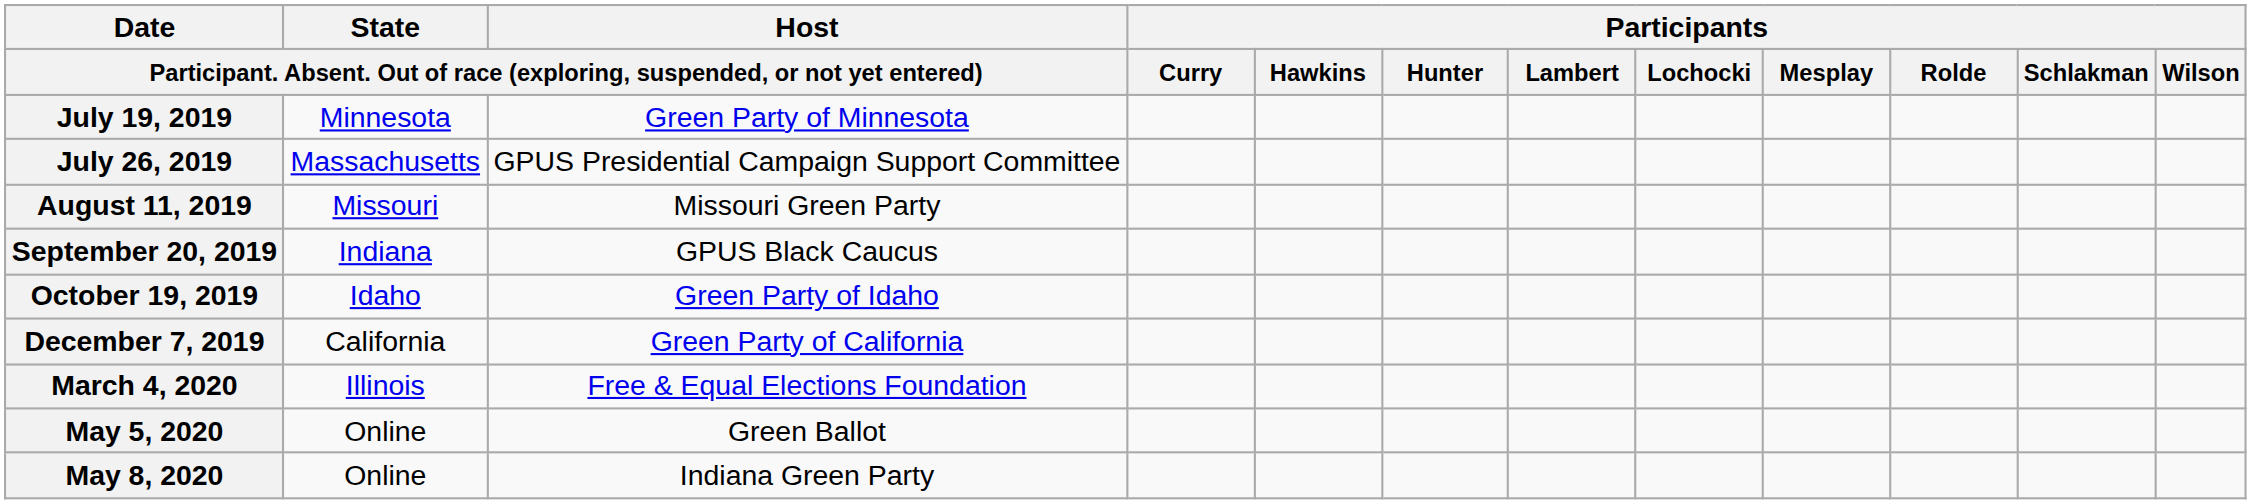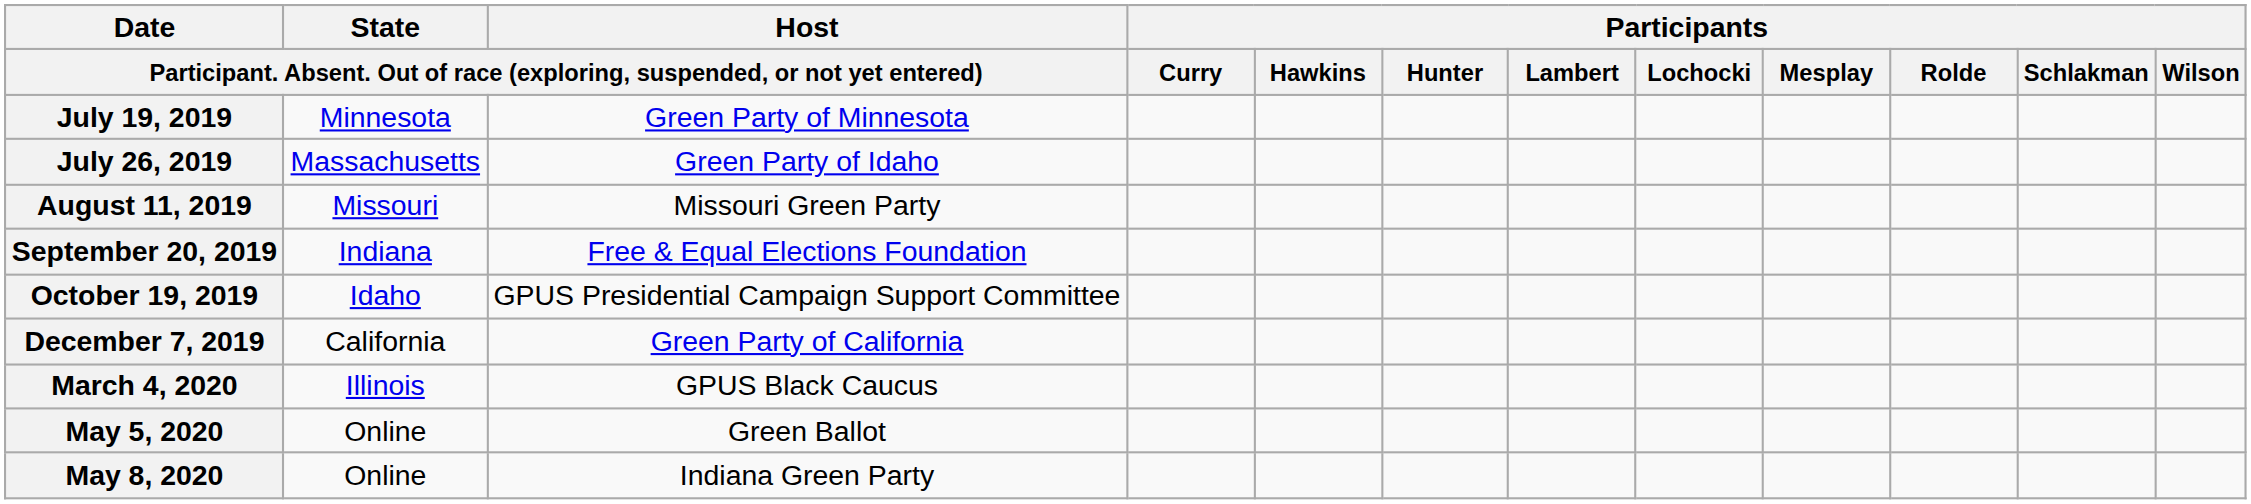 <table class="wikitable" style="font-size:85%">
 <tr>
 <th style="white-space:nowrap;">Date</th>
 <th>State</th>
 <th>Host</th>
 <th scope="col" colspan="18">Participants</th>
 </tr>
 <tr>
 <th colspan="3"><small> Participant.  Absent.  Out of race (exploring, suspended, or not yet entered)</small></th>
 <th scope="col" style="width:4em;"><small>Curry</small></th>
 <th scope="col" style="width:4em;"><small>Hawkins</small></th>
 <th scope="col" style="width:4em;"><small>Hunter</small></th>
 <th scope="col" style="width:4em;"><small>Lambert</small></th>
 <th scope="col" style="width:4em;"><small>Lochocki</small></th>
 <th scope="col" style="width:4em;"><small>Mesplay</small></th>
 <th scope="col" style="width:4em;"><small>Rolde</small></th>
 <th scope="col" style="width:4em;"><small>Schlakman</small></th>
 <th scope="col" style="width:43m;"><small>Wilson</small></th>
 </tr>
 <tr>
 <th style="white-space:nowrap; text-align:center;">July 19, 2019</th>
 <td style="white-space:nowrap; text-align:center;"><a href='#'>Minnesota</a></td>
 <td style="white-space:nowrap; text-align:center;"><a href='#'>Green Party of Minnesota</a></td>
 <td></td>
 <td></td>
 <td></td>
 <td></td>
 <td></td>
 <td></td>
 <td></td>
 <td></td>
 <td></td>
 </tr>
 <tr>
 <th style="white-space:nowrap; text-align:center;">July 26, 2019</th>
 <td style="white-space:nowrap; text-align:center;"><a href='#'>Massachusetts</a></td>
-<td style="white-space:nowrap; text-align:center;">GPUS Presidential Campaign Support Committee</td>
+<td style="white-space:nowrap; text-align:center;"><a href='#'>Green Party of Idaho</a></td>
 <td></td>
 <td></td>
 <td></td>
 <td></td>
 <td></td>
 <td></td>
 <td></td>
 <td></td>
 <td></td>
 </tr>
 <tr>
 <th style="white-space:nowrap; text-align:center;">August 11, 2019</th>
 <td style="white-space:nowrap; text-align:center;"><a href='#'>Missouri</a></td>
 <td style="white-space:nowrap; text-align:center;">Missouri Green Party</td>
 <td></td>
 <td></td>
 <td></td>
 <td></td>
 <td></td>
 <td></td>
 <td></td>
 <td></td>
 <td></td>
 </tr>
 <tr>
 <th style="white-space:nowrap; text-align:center;">September 20, 2019</th>
 <td style="white-space:nowrap; text-align:center;"><a href='#'>Indiana</a></td>
-<td style="white-space:nowrap; text-align:center;">GPUS Black Caucus</td>
+<td style="white-space:nowrap; text-align:center;"><a href='#'>Free & Equal Elections Foundation</a></td>
 <td></td>
 <td></td>
 <td></td>
 <td></td>
 <td></td>
 <td></td>
 <td></td>
 <td></td>
 <td></td>
 </tr>
 <tr>
 <th style="white-space:nowrap; text-align:center;">October 19, 2019</th>
 <td style="white-space:nowrap; text-align:center;"><a href='#'>Idaho</a></td>
-<td style="white-space:nowrap; text-align:center;"><a href='#'>Green Party of Idaho</a></td>
+<td style="white-space:nowrap; text-align:center;">GPUS Presidential Campaign Support Committee</td>
 <td></td>
 <td></td>
 <td></td>
 <td></td>
 <td></td>
 <td></td>
 <td></td>
 <td></td>
 <td></td>
 </tr>
 <tr>
 <th style="white-space:nowrap; text-align:center;">December 7, 2019</th>
 <td style="white-space:nowrap; text-align:center;">California</td>
 <td style="white-space:nowrap; text-align:center;"><a href='#'>Green Party of California</a></td>
 <td></td>
 <td></td>
 <td></td>
 <td></td>
 <td></td>
 <td></td>
 <td></td>
 <td></td>
 <td></td>
 </tr>
 <tr>
 <th style="white-space:nowrap; text-align:center;">March 4, 2020</th>
 <td style="white-space:nowrap; text-align:center;"><a href='#'>Illinois</a></td>
-<td style="white-space:nowrap; text-align:center;"><a href='#'>Free & Equal Elections Foundation</a></td>
+<td style="white-space:nowrap; text-align:center;">GPUS Black Caucus</td>
 <td></td>
 <td></td>
 <td></td>
 <td></td>
 <td></td>
 <td></td>
 <td></td>
 <td></td>
 <td></td>
 </tr>
 <tr>
 <th style="white-space:nowrap; text-align:center;">May 5, 2020</th>
 <td style="white-space:nowrap; text-align:center;">Online</td>
 <td style="white-space:nowrap; text-align:center;">Green Ballot</td>
 <td></td>
 <td></td>
 <td></td>
 <td></td>
 <td></td>
 <td></td>
 <td></td>
 <td></td>
 <td></td>
 </tr>
 <tr>
 <th>May 8, 2020</th>
 <td style="white-space:nowrap; text-align:center;">Online</td>
 <td style="white-space:nowrap; text-align:center;">Indiana Green Party</td>
 <td></td>
 <td></td>
 <td></td>
 <td></td>
 <td></td>
 <td></td>
 <td></td>
 <td></td>
 <td></td>
 </tr>
 </table>
